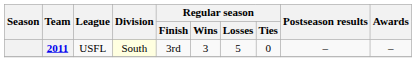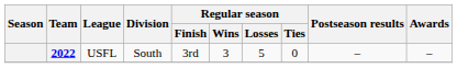 <table class="wikitable" style="text-align:center;">
 <tr>
 <th rowspan="2">Season</th>
 <th rowspan="2">Team</th>
 <th rowspan="2">League</th>
 <th rowspan="2">Division</th>
 <th colspan="4">Regular season</th>
 <th rowspan="2">Postseason results</th>
 <th rowspan="2">Awards</th>
 </tr>
 <tr>
 <th>Finish</th>
 <th>Wins</th>
 <th>Losses</th>
 <th>Ties</th>
 </tr>
 <tr>
 <th></th>
-<th><a href='#'>2011</a></th>
+<th><a href='#'>2022</a></th>
 <td>USFL</td>
-<td style="background: lightyellow;">South</td>
+<td>South</td>
 <td>3rd</td>
 <td>3</td>
 <td>5</td>
 <td>0</td>
 <td>–</td>
 <td>–</td>
 </tr>
 <tr>
 </tr>
 </table>
